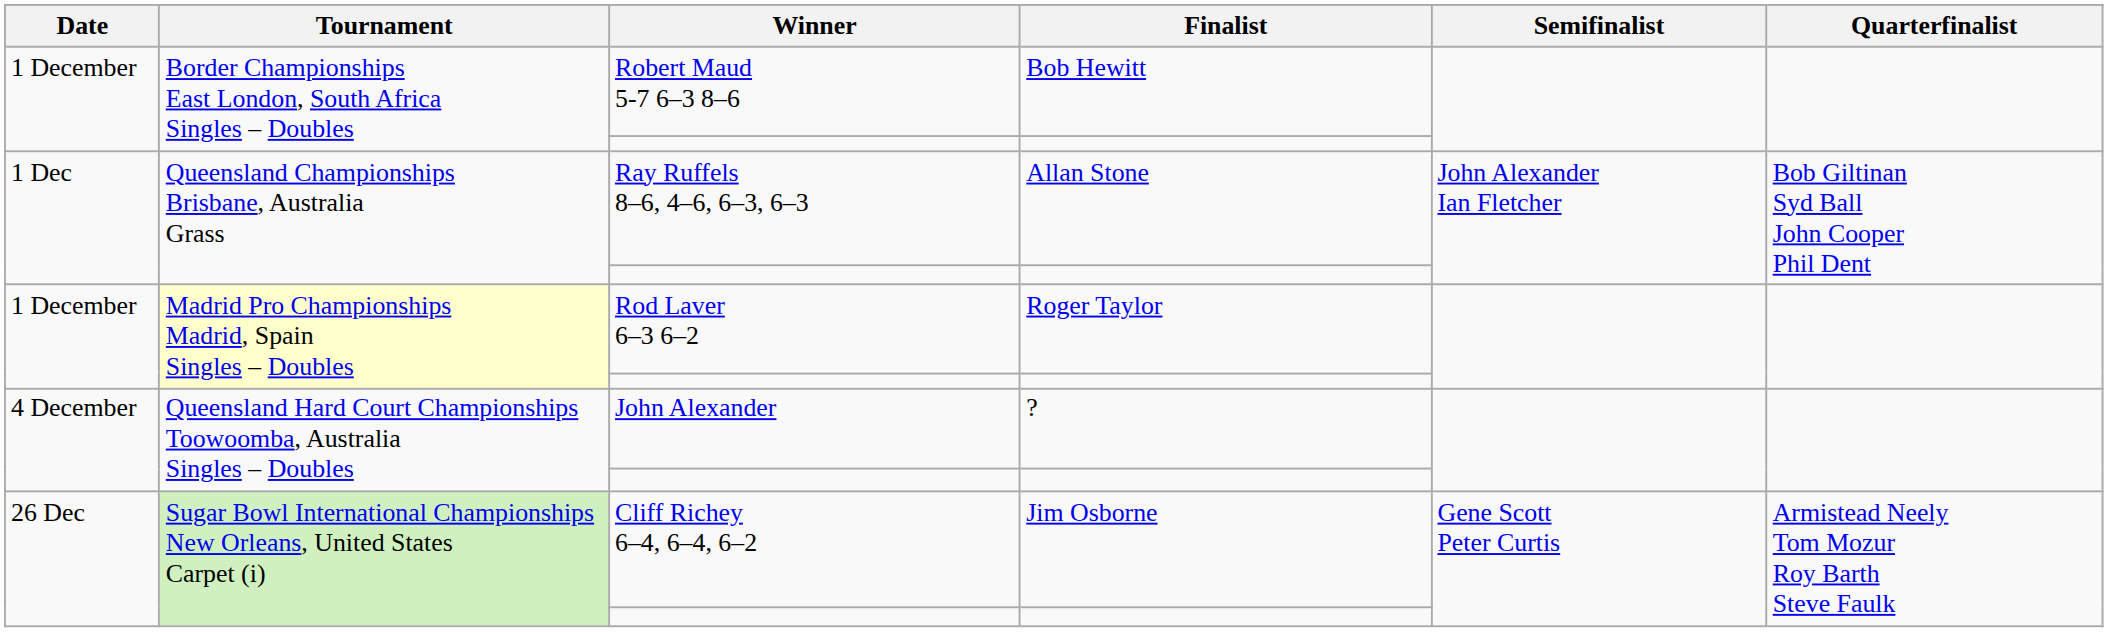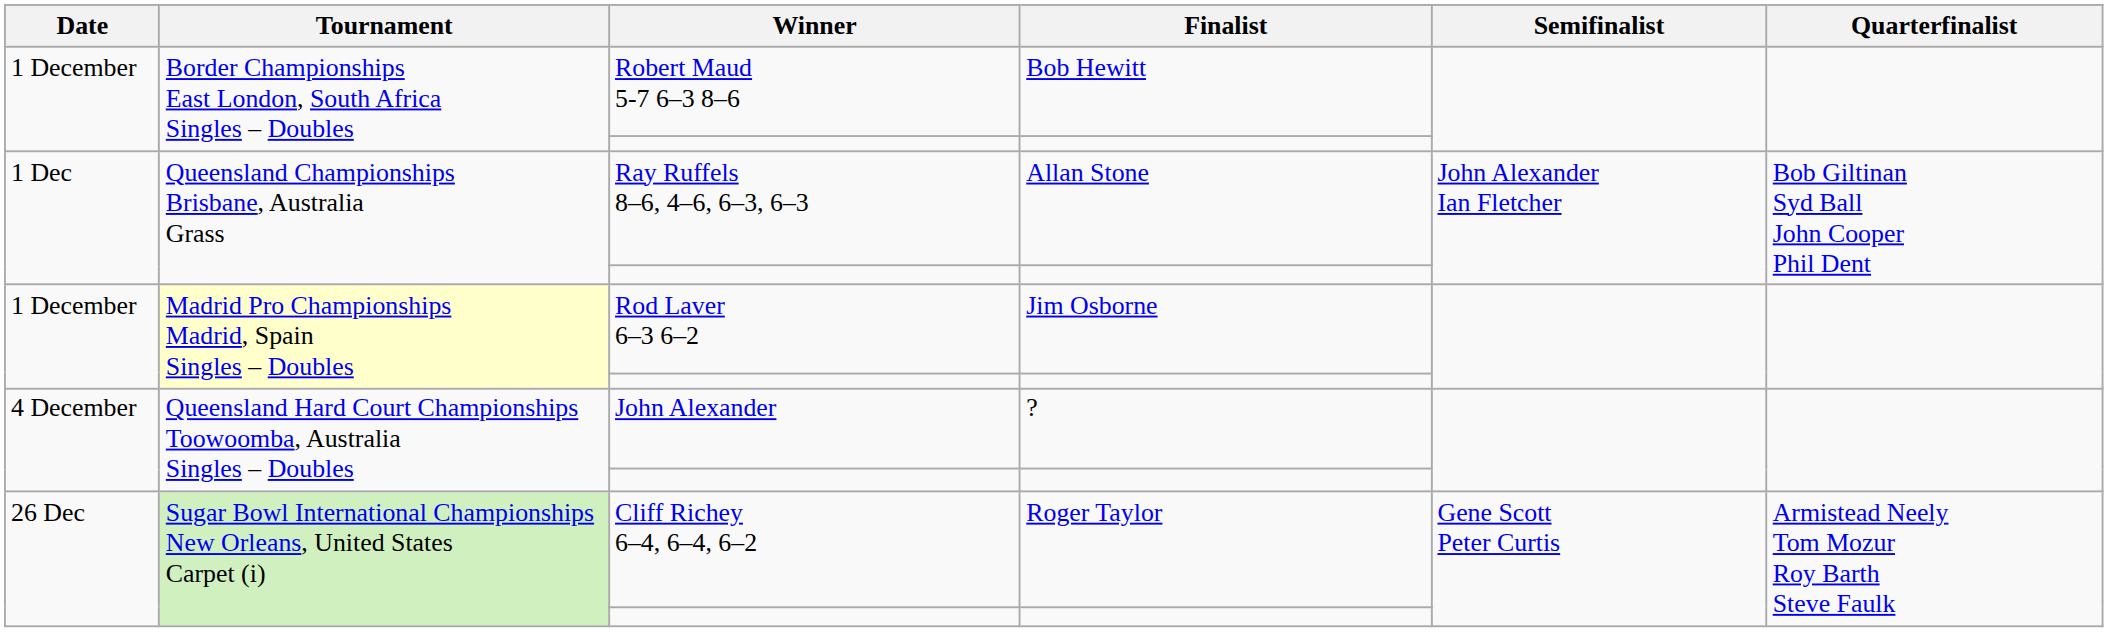 <table class="wikitable" style="font-size:85%;">
 <tr>
 <th width="75">Date</th>
 <th width="230">Tournament</th>
 <th width="210">Winner</th>
 <th width="210">Finalist</th>
 <th width="170">Semifinalist</th>
 <th width="170">Quarterfinalist</th>
 </tr>
 <tr valign=top>
 <td rowspan=2>1 December</td>
 <td rowspan=2><a href='#'>Border Championships</a><br><a href='#'>East London</a>, <a href='#'>South Africa</a><br><a href='#'>Singles</a> – <a href='#'>Doubles</a></td>
 <td> <a href='#'>Robert Maud</a><br>5-7 6–3 8–6</td>
 <td> <a href='#'>Bob Hewitt</a></td>
 <td rowspan=2></td>
 <td rowspan=2></td>
 </tr>
 <tr valign=top>
 <td></td>
 <td></td>
 </tr>
 <tr valign=top>
 <td rowspan=2>1 Dec</td>
 <td rowspan=2><a href='#'>Queensland Championships</a><br><a href='#'>Brisbane</a>, Australia<br>Grass</td>
 <td> <a href='#'>Ray Ruffels</a> <br>8–6, 4–6, 6–3, 6–3</td>
 <td> <a href='#'>Allan Stone</a></td>
 <td rowspan=2> <a href='#'>John Alexander</a> <br>  <a href='#'>Ian Fletcher</a></td>
 <td rowspan=2> <a href='#'>Bob Giltinan</a> <br>  <a href='#'>Syd Ball</a> <br>  <a href='#'>John Cooper</a> <br>  <a href='#'>Phil Dent</a></td>
 </tr>
 <tr valign=top>
 <td></td>
 <td></td>
 </tr>
 <tr valign=top>
 <td rowspan=2>1 December</td>
 <td style="background:#ffc;" rowspan=2><a href='#'>Madrid Pro Championships</a><br> <a href='#'>Madrid</a>, Spain<br><a href='#'>Singles</a> – <a href='#'>Doubles</a></td>
 <td> <a href='#'>Rod Laver</a><br>6–3 6–2</td>
-<td> <a href='#'>Roger Taylor</a></td>
+<td> <a href='#'>Jim Osborne</a></td>
 <td rowspan=2></td>
 <td rowspan=2></td>
 </tr>
 <tr valign=top>
 <td></td>
 <td></td>
 </tr>
 <tr valign=top>
 <td rowspan=2>4 December</td>
 <td rowspan=2><a href='#'>Queensland Hard Court Championships</a><br> <a href='#'>Toowoomba</a>, Australia<br><a href='#'>Singles</a> – <a href='#'>Doubles</a></td>
 <td> <a href='#'>John Alexander</a><br></td>
 <td> ?</td>
 <td rowspan=2></td>
 <td rowspan=2></td>
 </tr>
 <tr valign=top>
 <td></td>
 <td></td>
 </tr>
 <tr valign=top>
 <td rowspan=2>26 Dec</td>
 <td style="background:#d0f0c0;" rowspan=2><a href='#'>Sugar Bowl International Championships</a> <br><a href='#'>New Orleans</a>, United States<br>Carpet (i)</td>
 <td> <a href='#'>Cliff Richey</a><br>6–4, 6–4, 6–2</td>
-<td> <a href='#'>Jim Osborne</a></td>
+<td> <a href='#'>Roger Taylor</a></td>
 <td rowspan=2> <a href='#'>Gene Scott</a> <br>  <a href='#'>Peter Curtis</a></td>
 <td rowspan=2> <a href='#'>Armistead Neely</a> <br>  <a href='#'>Tom Mozur</a> <br>  <a href='#'>Roy Barth</a> <br>  <a href='#'>Steve Faulk</a></td>
 </tr>
 <tr valign=top>
 <td></td>
 <td></td>
 </tr>
 </table>
